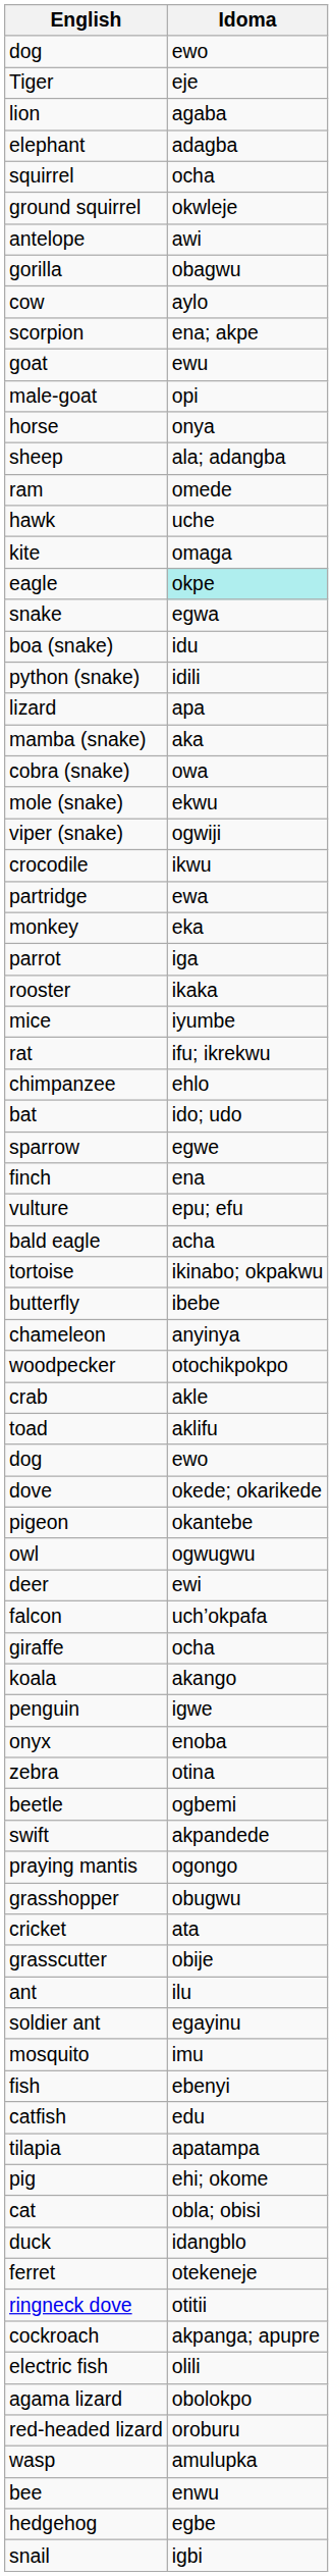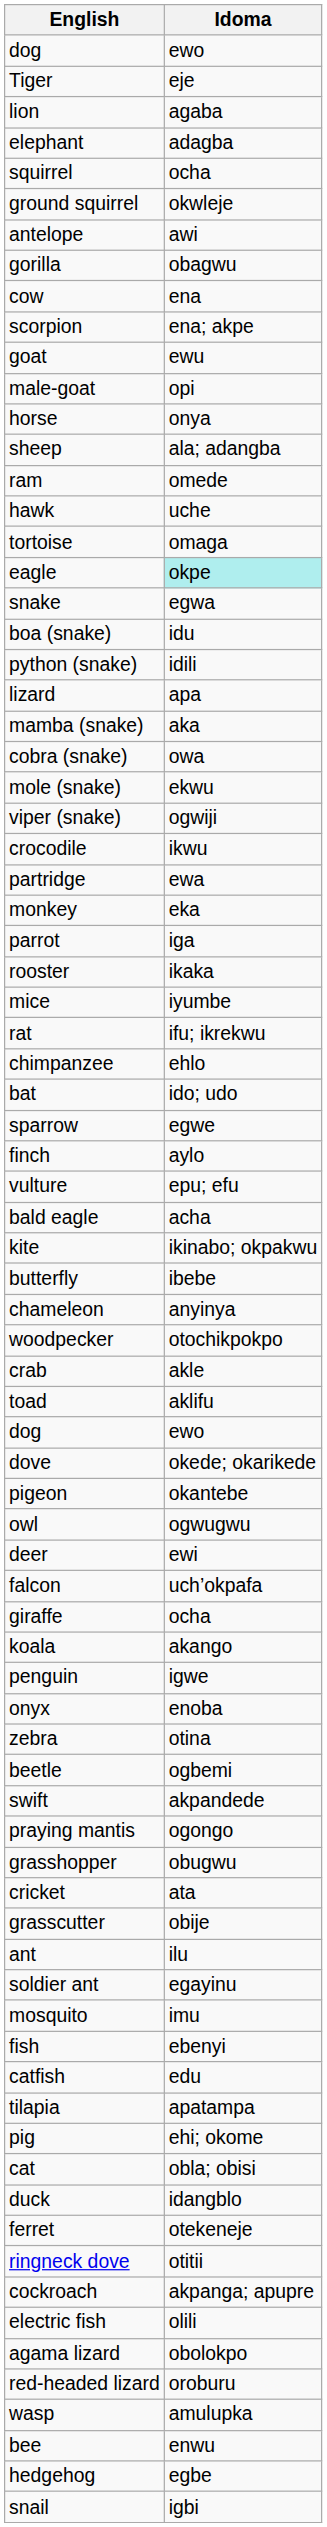 <table class="wikitable sortable">
 <tr>
 <th>English</th>
 <th>Idoma</th>
 </tr>
 <tr>
 <td>dog</td>
 <td>ewo</td>
 </tr>
 <tr>
 <td>Tiger</td>
 <td>eje</td>
 </tr>
 <tr>
 <td>lion</td>
 <td>agaba</td>
 </tr>
 <tr>
 <td>elephant</td>
 <td>adagba</td>
 </tr>
 <tr>
 <td>squirrel</td>
 <td>ocha</td>
 </tr>
 <tr>
 <td>ground squirrel</td>
 <td>okwleje</td>
 </tr>
 <tr>
 <td>antelope</td>
 <td>awi</td>
 </tr>
 <tr>
 <td>gorilla</td>
 <td>obagwu</td>
 </tr>
 <tr>
 <td>cow</td>
-<td>aylo</td>
+<td>ena</td>
 </tr>
 <tr>
 <td>scorpion</td>
 <td>ena; akpe</td>
 </tr>
 <tr>
 <td>goat</td>
 <td>ewu</td>
 </tr>
 <tr>
 <td>male-goat</td>
 <td>opi</td>
 </tr>
 <tr>
 <td>horse</td>
 <td>onya</td>
 </tr>
 <tr>
 <td>sheep</td>
 <td>ala; adangba</td>
 </tr>
 <tr>
 <td>ram</td>
 <td>omede</td>
 </tr>
 <tr>
 <td>hawk</td>
 <td>uche</td>
 </tr>
 <tr>
-<td>kite</td>
+<td>tortoise</td>
 <td>omaga</td>
 </tr>
 <tr>
 <td>eagle</td>
 <td style="background: paleturquoise;">okpe</td>
 </tr>
 <tr>
 <td>snake</td>
 <td>egwa</td>
 </tr>
 <tr>
 <td>boa (snake)</td>
 <td>idu</td>
 </tr>
 <tr>
 <td>python (snake)</td>
 <td>idili</td>
 </tr>
 <tr>
 <td>lizard</td>
 <td>apa</td>
 </tr>
 <tr>
 <td>mamba (snake)</td>
 <td>aka</td>
 </tr>
 <tr>
 <td>cobra (snake)</td>
 <td>owa</td>
 </tr>
 <tr>
 <td>mole (snake)</td>
 <td>ekwu</td>
 </tr>
 <tr>
 <td>viper (snake)</td>
 <td>ogwiji</td>
 </tr>
 <tr>
 <td>crocodile</td>
 <td>ikwu</td>
 </tr>
 <tr>
 <td>partridge</td>
 <td>ewa</td>
 </tr>
 <tr>
 <td>monkey</td>
 <td>eka</td>
 </tr>
 <tr>
 <td>parrot</td>
 <td>iga</td>
 </tr>
 <tr>
 <td>rooster</td>
 <td>ikaka</td>
 </tr>
 <tr>
 <td>mice</td>
 <td>iyumbe</td>
 </tr>
 <tr>
 <td>rat</td>
 <td>ifu; ikrekwu</td>
 </tr>
 <tr>
 <td>chimpanzee</td>
 <td>ehlo</td>
 </tr>
 <tr>
 <td>bat</td>
 <td>ido; udo</td>
 </tr>
 <tr>
 <td>sparrow</td>
 <td>egwe</td>
 </tr>
 <tr>
 <td>finch</td>
-<td>ena</td>
+<td>aylo</td>
 </tr>
 <tr>
 <td>vulture</td>
 <td>epu; efu</td>
 </tr>
 <tr>
 <td>bald eagle</td>
 <td>acha</td>
 </tr>
 <tr>
-<td>tortoise</td>
+<td>kite</td>
 <td>ikinabo; okpakwu</td>
 </tr>
 <tr>
 <td>butterfly</td>
 <td>ibebe</td>
 </tr>
 <tr>
 <td>chameleon</td>
 <td>anyinya</td>
 </tr>
 <tr>
 <td>woodpecker</td>
 <td>otochikpokpo</td>
 </tr>
 <tr>
 <td>crab</td>
 <td>akle</td>
 </tr>
 <tr>
 <td>toad</td>
 <td>aklifu</td>
 </tr>
 <tr>
 <td>dog</td>
 <td>ewo</td>
 </tr>
 <tr>
 <td>dove</td>
 <td>okede; okarikede</td>
 </tr>
 <tr>
 <td>pigeon</td>
 <td>okantebe</td>
 </tr>
 <tr>
 <td>owl</td>
 <td>ogwugwu</td>
 </tr>
 <tr>
 <td>deer</td>
 <td>ewi</td>
 </tr>
 <tr>
 <td>falcon</td>
 <td>uch’okpafa</td>
 </tr>
 <tr>
 <td>giraffe</td>
 <td>ocha</td>
 </tr>
 <tr>
 <td>koala</td>
 <td>akango</td>
 </tr>
 <tr>
 <td>penguin</td>
 <td>igwe</td>
 </tr>
 <tr>
 <td>onyx</td>
 <td>enoba</td>
 </tr>
 <tr>
 <td>zebra</td>
 <td>otina</td>
 </tr>
 <tr>
 <td>beetle</td>
 <td>ogbemi</td>
 </tr>
 <tr>
 <td>swift</td>
 <td>akpandede</td>
 </tr>
 <tr>
 <td>praying mantis</td>
 <td>ogongo</td>
 </tr>
 <tr>
 <td>grasshopper</td>
 <td>obugwu</td>
 </tr>
 <tr>
 <td>cricket</td>
 <td>ata</td>
 </tr>
 <tr>
 <td>grasscutter</td>
 <td>obije</td>
 </tr>
 <tr>
 <td>ant</td>
 <td>ilu</td>
 </tr>
 <tr>
 <td>soldier ant</td>
 <td>egayinu</td>
 </tr>
 <tr>
 <td>mosquito</td>
 <td>imu</td>
 </tr>
 <tr>
 <td>fish</td>
 <td>ebenyi</td>
 </tr>
 <tr>
 <td>catfish</td>
 <td>edu</td>
 </tr>
 <tr>
 <td>tilapia</td>
 <td>apatampa</td>
 </tr>
 <tr>
 <td>pig</td>
 <td>ehi; okome</td>
 </tr>
 <tr>
 <td>cat</td>
 <td>obla; obisi</td>
 </tr>
 <tr>
 <td>duck</td>
 <td>idangblo</td>
 </tr>
 <tr>
 <td>ferret</td>
 <td>otekeneje</td>
 </tr>
 <tr>
 <td><a href='#'>ringneck dove</a></td>
 <td>otitii</td>
 </tr>
 <tr>
 <td>cockroach</td>
 <td>akpanga; apupre</td>
 </tr>
 <tr>
 <td>electric fish</td>
 <td>olili</td>
 </tr>
 <tr>
 <td>agama lizard</td>
 <td>obolokpo</td>
 </tr>
 <tr>
 <td>red-headed lizard</td>
 <td>oroburu</td>
 </tr>
 <tr>
 <td>wasp</td>
 <td>amulupka</td>
 </tr>
 <tr>
 <td>bee</td>
 <td>enwu</td>
 </tr>
 <tr>
 <td>hedgehog</td>
 <td>egbe</td>
 </tr>
 <tr>
 <td>snail</td>
 <td>igbi</td>
 </tr>
 </table>
